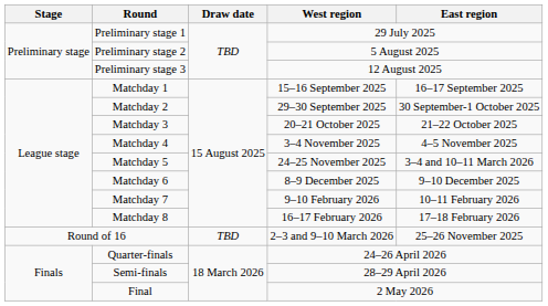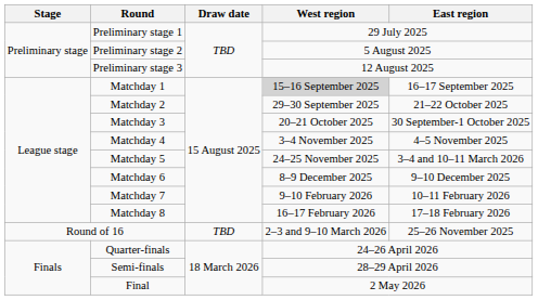 <table class="wikitable" style="text-align:center">
 <tr>
 <th>Stage</th>
 <th>Round</th>
 <th>Draw date</th>
 <th>West region</th>
 <th>East region</th>
 </tr>
 <tr>
 <td rowspan="3">Preliminary stage</td>
 <td>Preliminary stage 1</td>
 <td rowspan="3"><em>TBD</em></td>
 <td colspan="2">29 July 2025</td>
 </tr>
 <tr>
 <td>Preliminary stage 2</td>
 <td colspan="2">5 August 2025</td>
 </tr>
 <tr>
 <td>Preliminary stage 3</td>
 <td colspan="2">12 August 2025</td>
 </tr>
 <tr>
 <td rowspan=8>League stage</td>
 <td>Matchday 1</td>
 <td rowspan="8">15 August 2025</td>
-<td>15–16 September 2025</td>
+<td style="background: lightgrey;">15–16 September 2025</td>
 <td>16–17 September 2025</td>
 </tr>
 <tr>
 <td>Matchday 2</td>
 <td>29–30 September 2025</td>
-<td>30 September-1 October 2025</td>
+<td>21–22 October 2025</td>
 </tr>
 <tr>
 <td>Matchday 3</td>
 <td>20–21 October 2025</td>
-<td>21–22 October 2025</td>
+<td>30 September-1 October 2025</td>
 </tr>
 <tr>
 <td>Matchday 4</td>
 <td>3–4 November 2025</td>
 <td>4–5 November 2025</td>
 </tr>
 <tr>
 <td>Matchday 5</td>
 <td>24–25 November 2025</td>
 <td>3–4 and 10–11 March 2026</td>
 </tr>
 <tr>
 <td>Matchday 6</td>
 <td>8–9 December 2025</td>
 <td>9–10 December 2025</td>
 </tr>
 <tr>
 <td>Matchday 7</td>
 <td>9–10 February 2026</td>
 <td>10–11 February 2026</td>
 </tr>
 <tr>
 <td>Matchday 8</td>
 <td>16–17 February 2026</td>
 <td>17–18 February 2026</td>
 </tr>
 <tr>
 <td colspan=2>Round of 16</td>
 <td><em>TBD</em></td>
 <td>2–3 and 9–10 March 2026</td>
 <td>25–26 November 2025</td>
 </tr>
 <tr>
 <td rowspan=3>Finals</td>
 <td>Quarter-finals</td>
 <td rowspan=3>18 March 2026</td>
 <td colspan=2>24–26 April 2026</td>
 </tr>
 <tr>
 <td>Semi-finals</td>
 <td colspan=2>28–29 April 2026</td>
 </tr>
 <tr>
 <td>Final</td>
 <td colspan="2">2 May 2026</td>
 </tr>
 </table>
